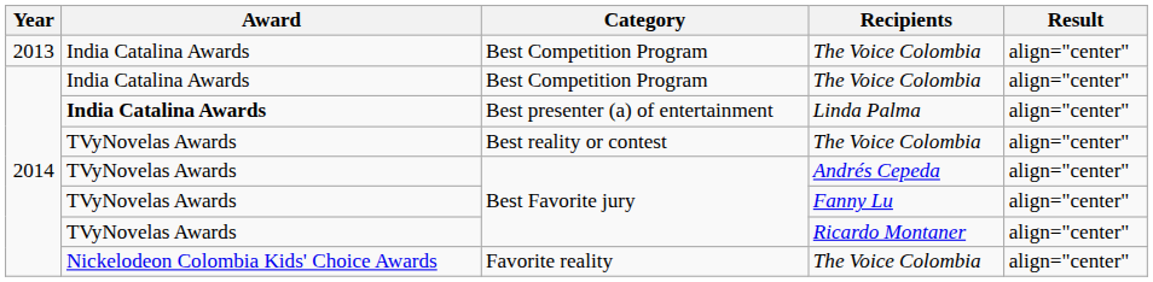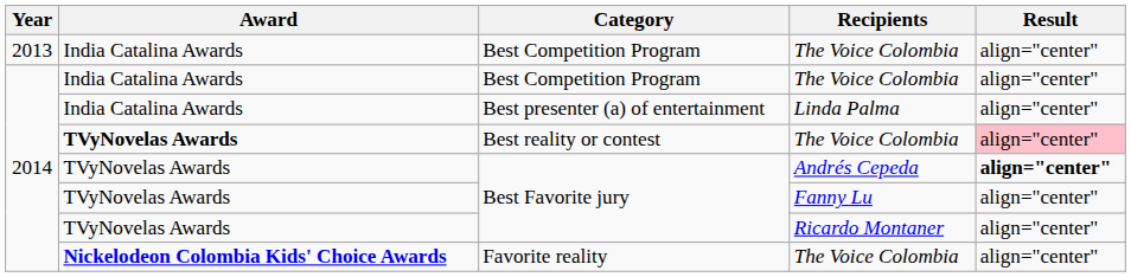 <table class="wikitable sortable" style="text-align:left; line-height:16px; width:100%;">
 <tr>
 <th>Year</th>
 <th>Award</th>
 <th>Category</th>
 <th>Recipients</th>
 <th>Result</th>
 </tr>
 <tr>
 <td style="text-align:center;" rowspan="1">2013</td>
 <td>India Catalina Awards</td>
 <td>Best Competition Program</td>
 <td><em>The Voice Colombia</em></td>
 <td>align="center" </td>
 </tr>
 <tr>
 <td style="text-align:center;" rowspan="7">2014</td>
 <td>India Catalina Awards</td>
 <td>Best Competition Program</td>
 <td><em>The Voice Colombia</em></td>
 <td>align="center" </td>
 </tr>
 <tr>
-<td><strong>India Catalina Awards</strong></td>
+<td>India Catalina Awards</td>
 <td>Best presenter (a) of entertainment</td>
 <td><em>Linda Palma</em></td>
 <td>align="center" </td>
 </tr>
 <tr>
-<td>TVyNovelas Awards</td>
+<td><strong>TVyNovelas Awards</strong></td>
 <td>Best reality or contest</td>
 <td><em>The Voice Colombia</em></td>
-<td>align="center" </td>
+<td style="background: pink;">align="center" </td>
 </tr>
 <tr>
 <td>TVyNovelas Awards</td>
 <td rowspan="3">Best Favorite jury</td>
 <td><em><a href='#'>Andrés Cepeda</a></em></td>
-<td>align="center" </td>
+<td><strong>align="center" </strong></td>
 </tr>
 <tr>
 <td>TVyNovelas Awards</td>
 <td><em><a href='#'>Fanny Lu</a></em></td>
 <td>align="center" </td>
 </tr>
 <tr>
 <td>TVyNovelas Awards</td>
 <td><em><a href='#'>Ricardo Montaner</a></em></td>
 <td>align="center" </td>
 </tr>
 <tr>
-<td><a href='#'>Nickelodeon Colombia Kids' Choice Awards</a></td>
+<td><strong><a href='#'>Nickelodeon Colombia Kids' Choice Awards</a></strong></td>
 <td>Favorite reality</td>
 <td><em>The Voice Colombia</em></td>
 <td>align="center" </td>
 </tr>
 </table>
